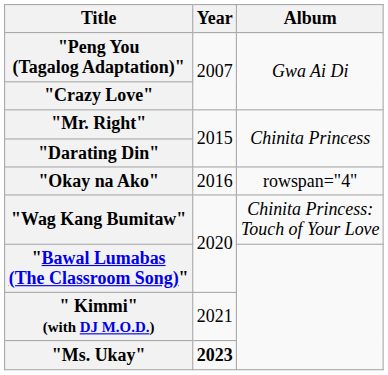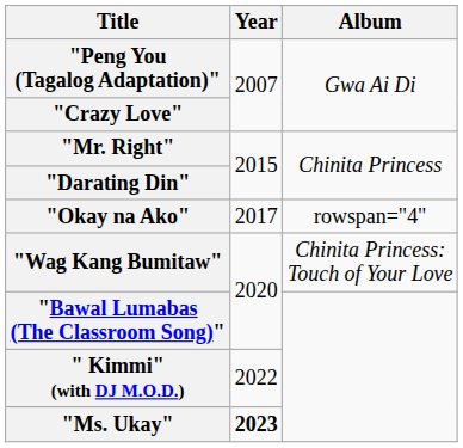 <table class="wikitable plainrowheaders" style="text-align:center;">
 <tr>
 <th>Title</th>
 <th>Year</th>
 <th>Album</th>
 </tr>
 <tr>
 <th scope="row">"Peng You<br>(Tagalog Adaptation)"</th>
 <td rowspan="2">2007</td>
 <td rowspan="2"><em>Gwa Ai Di</em></td>
 </tr>
 <tr>
 <th scope="row">"Crazy Love"</th>
 </tr>
 <tr>
 <th scope="row">"Mr. Right"</th>
 <td rowspan="2">2015</td>
 <td rowspan="2"><em>Chinita Princess</em></td>
 </tr>
 <tr>
 <th scope="row">"Darating Din"</th>
 </tr>
 <tr>
 <th scope="row">"Okay na Ako"</th>
-<td rowspan="1">2016</td>
+<td rowspan="1">2017</td>
 <td>rowspan="4" </td>
 </tr>
 <tr>
 <th scope="row">"Wag Kang Bumitaw"</th>
 <td rowspan="2">2020</td>
 <td rowspan="1"><em>Chinita Princess:<br>Touch of Your Love</em></td>
 </tr>
 <tr>
 <th scope="row">"<a href='#'>Bawal Lumabas<br>(The Classroom Song)</a>"</th>
 </tr>
 <tr>
 <th scope="row">" Kimmi"<br><small>(with <a href='#'>DJ M.O.D.</a>)</small></th>
-<td rowspan="1">2021</td>
+<td rowspan="1">2022</td>
 </tr>
 <tr>
 <th scope="row">"Ms. Ukay"</th>
 <td rowspan="1"><strong>2023</strong></td>
 </tr>
 </table>
